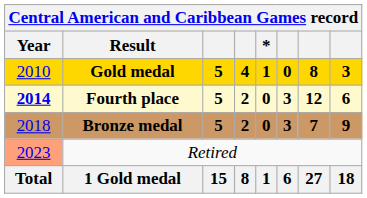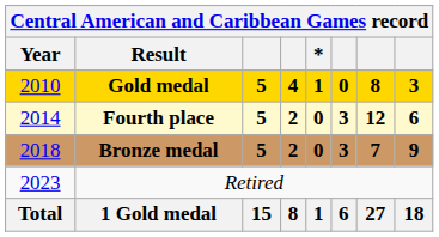 <table class="wikitable" style="text-align: center;">
 <tr>
 <th colspan=9><a href='#'>Central American and Caribbean Games</a> record</th>
 </tr>
 <tr>
 <th>Year</th>
 <th>Result</th>
 <th></th>
 <th></th>
 <th>*</th>
 <th></th>
 <th></th>
 <th></th>
 </tr>
 <tr bgcolor=gold>
 <td> <a href='#'>2010</a></td>
 <td><strong>Gold medal</strong></td>
 <td><strong>5</strong></td>
 <td><strong>4</strong></td>
 <td><strong>1</strong></td>
 <td><strong>0</strong></td>
 <td><strong>8</strong></td>
 <td><strong>3</strong></td>
 </tr>
 <tr bgcolor=LemonChiffon>
-<td><strong> <a href='#'>2014</a></strong></td>
+<td> <a href='#'>2014</a></td>
 <td><strong>Fourth place</strong></td>
 <td><strong>5</strong></td>
 <td><strong>2</strong></td>
 <td><strong>0</strong></td>
 <td><strong>3</strong></td>
 <td><strong>12</strong></td>
 <td><strong>6</strong></td>
 </tr>
 <tr bgcolor=#c96>
 <td> <a href='#'>2018</a></td>
 <td><strong>Bronze medal</strong></td>
 <td><strong>5</strong></td>
 <td><strong>2</strong></td>
 <td><strong>0</strong></td>
 <td><strong>3</strong></td>
 <td><strong>7</strong></td>
 <td><strong>9</strong></td>
 </tr>
 <tr>
-<td style="background: lightsalmon;"> <a href='#'>2023</a></td>
+<td> <a href='#'>2023</a></td>
 <td colspan=8><em>Retired</em></td>
 </tr>
 <tr>
 <th>Total</th>
 <th>1 Gold medal</th>
 <th>15</th>
 <th>8</th>
 <th>1</th>
 <th>6</th>
 <th>27</th>
 <th>18</th>
 </tr>
 </table>
